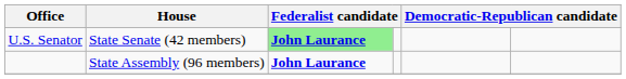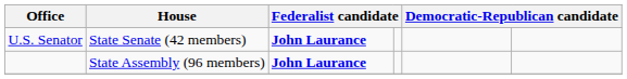 <table class=wikitable>
 <tr bgcolor=lightgrey>
 <th>Office</th>
 <th>House</th>
 <th colspan="2"><a href='#'>Federalist</a> candidate</th>
 <th colspan="2"><a href='#'>Democratic-Republican</a> candidate</th>
 </tr>
 <tr>
 <td><a href='#'>U.S. Senator</a></td>
 <td><a href='#'>State Senate</a> (42 members)</td>
-<td style="background: lightgreen;"><strong><a href='#'>John Laurance</a></strong></td>
+<td><strong><a href='#'>John Laurance</a></strong></td>
 <td align="right"></td>
 <td></td>
 <td align="right"></td>
 </tr>
 <tr>
 <td></td>
 <td><a href='#'>State Assembly</a> (96 members)</td>
 <td><strong><a href='#'>John Laurance</a></strong></td>
 <td align="right"></td>
 <td></td>
 <td align="right"></td>
 </tr>
 <tr>
 </tr>
 </table>
